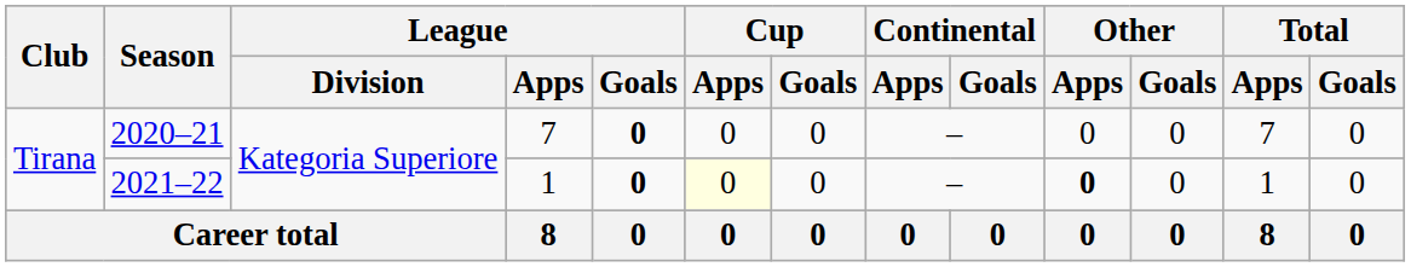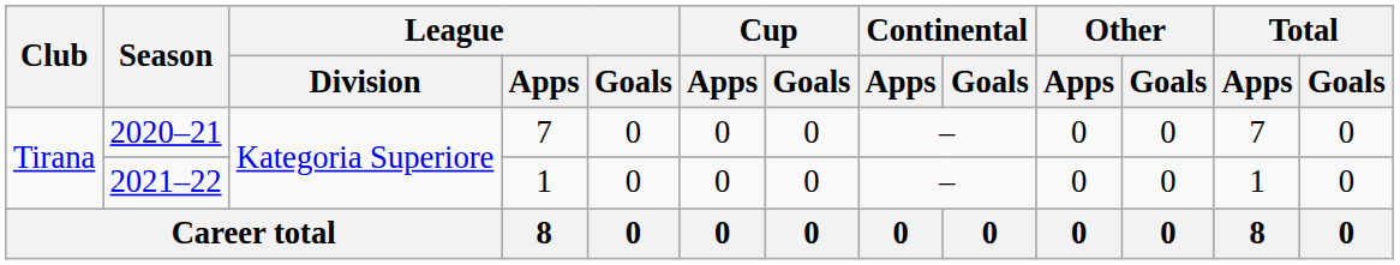 <table class="wikitable" style="text-align: center">
 <tr>
 <th rowspan="2">Club</th>
 <th rowspan="2">Season</th>
 <th colspan="3">League</th>
 <th colspan="2">Cup</th>
 <th colspan="2">Continental</th>
 <th colspan="2">Other</th>
 <th colspan="2">Total</th>
 </tr>
 <tr>
 <th>Division</th>
 <th>Apps</th>
 <th>Goals</th>
 <th>Apps</th>
 <th>Goals</th>
 <th>Apps</th>
 <th>Goals</th>
 <th>Apps</th>
 <th>Goals</th>
 <th>Apps</th>
 <th>Goals</th>
 </tr>
 <tr>
 <td rowspan="2"><a href='#'>Tirana</a></td>
 <td><a href='#'>2020–21</a></td>
 <td rowspan="2"><a href='#'>Kategoria Superiore</a></td>
 <td>7</td>
-<td><strong>0</strong></td>
+<td>0</td>
 <td>0</td>
 <td>0</td>
 <td colspan="2">–</td>
 <td>0</td>
 <td>0</td>
 <td>7</td>
 <td>0</td>
 </tr>
 <tr>
 <td><a href='#'>2021–22</a></td>
 <td>1</td>
-<td><strong>0</strong></td>
-<td style="background: lightyellow;">0</td>
+<td>0</td>
+<td>0</td>
 <td>0</td>
 <td colspan="2">–</td>
-<td><strong>0</strong></td>
+<td>0</td>
 <td>0</td>
 <td>1</td>
 <td>0</td>
 </tr>
 <tr>
 <th colspan="3"><strong>Career total</strong></th>
 <th>8</th>
 <th>0</th>
 <th>0</th>
 <th>0</th>
 <th>0</th>
 <th>0</th>
 <th>0</th>
 <th>0</th>
 <th>8</th>
 <th>0</th>
 </tr>
 </table>
